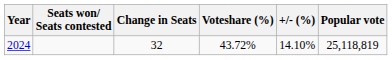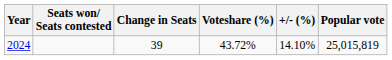 <table class="wikitable sortable">
 <tr>
 <th style="background-color:">Year</th>
 <th style="background-color:">Seats won/<br> Seats contested</th>
 <th style="background-color:">Change in Seats</th>
 <th style="background-color:">Voteshare (%)</th>
 <th style="background-color:">+/- (%)</th>
 <th style="background-color:">Popular vote</th>
 </tr>
 <tr style="text-align:center;">
 <td><a href='#'>2024</a></td>
 <td></td>
-<td> 32</td>
+<td> 39</td>
 <td>43.72%</td>
 <td> 14.10%</td>
-<td>25,118,819</td>
+<td>25,015,819</td>
 </tr>
 </table>
